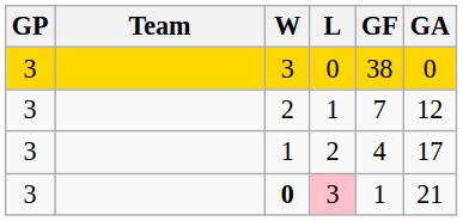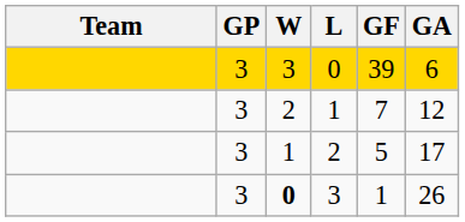 <table class="wikitable" style="text-align:center">
 <tr>
+<th width="120">Team</th>
 <th width="20">GP</th>
-<th width="120">Team</th>
 <th width="20">W</th>
 <th width="20">L</th>
 <th width="20">GF</th>
 <th width="20">GA</th>
 </tr>
 <tr bgcolor="gold">
-<td>3</td>
 <td align=left> </td>
 <td>3</td>
+<td>3</td>
 <td>0</td>
-<td>38</td>
-<td>0</td>
+<td>39</td>
+<td>6</td>
 </tr>
 <tr>
+<td align=left></td>
 <td>3</td>
-<td align=left></td>
 <td>2</td>
 <td>1</td>
 <td>7</td>
 <td>12</td>
 </tr>
 <tr>
+<td align=left></td>
 <td>3</td>
-<td align=left></td>
 <td>1</td>
 <td>2</td>
-<td>4</td>
+<td>5</td>
 <td>17</td>
 </tr>
 <tr>
+<td align=left></td>
 <td>3</td>
-<td align=left></td>
 <td><strong>0</strong></td>
-<td style="background: pink;">3</td>
+<td>3</td>
 <td>1</td>
-<td>21</td>
+<td>26</td>
 </tr>
 </table>
